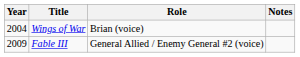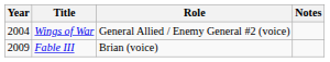 <table class="wikitable sortable">
 <tr>
 <th>Year</th>
 <th>Title</th>
 <th>Role</th>
 <th class="unsortable">Notes</th>
 </tr>
 <tr>
 <td>2004</td>
 <td><em><a href='#'>Wings of War</a></em></td>
-<td>Brian (voice)</td>
+<td>General Allied / Enemy General #2 (voice)</td>
 </tr>
 <tr>
 <td>2009</td>
 <td><em><a href='#'>Fable III</a></em></td>
-<td>General Allied / Enemy General #2 (voice)</td>
+<td>Brian (voice)</td>
 <td></td>
 </tr>
 </table>
